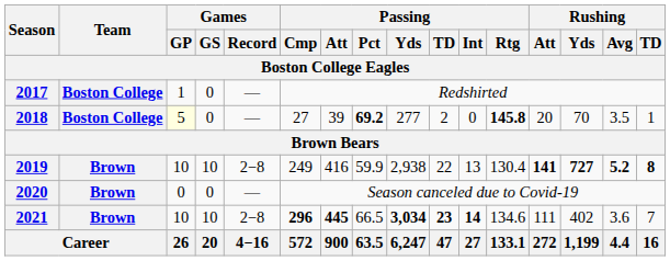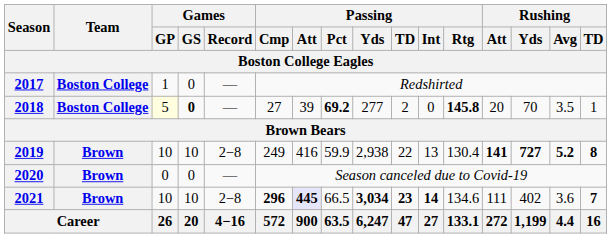 <table class=wikitable style="text-align:center;">
 <tr>
 <th rowspan="2">Season</th>
 <th rowspan="2">Team</th>
 <th colspan="3">Games</th>
 <th colspan="7">Passing</th>
 <th colspan="4">Rushing</th>
 </tr>
 <tr>
 <th>GP</th>
 <th>GS</th>
 <th>Record</th>
 <th>Cmp</th>
 <th>Att</th>
 <th>Pct</th>
 <th>Yds</th>
 <th>TD</th>
 <th>Int</th>
 <th>Rtg</th>
 <th>Att</th>
 <th>Yds</th>
 <th>Avg</th>
 <th>TD</th>
 </tr>
 <tr>
 <th colspan="16">Boston College Eagles</th>
 </tr>
 <tr>
 <th><a href='#'>2017</a></th>
 <th><a href='#'>Boston College</a></th>
 <td>1</td>
 <td>0</td>
 <td>—</td>
 <td colspan="12"><em>Redshirted </em></td>
 </tr>
 <tr>
 <th><a href='#'>2018</a></th>
 <th><a href='#'>Boston College</a></th>
 <td style="background: lightyellow;">5</td>
-<td>0</td>
+<td><strong>0</strong></td>
 <td>—</td>
 <td>27</td>
 <td>39</td>
 <td><strong>69.2</strong></td>
 <td>277</td>
 <td>2</td>
 <td>0</td>
 <td><strong>145.8</strong></td>
 <td>20</td>
 <td>70</td>
 <td>3.5</td>
 <td>1</td>
 </tr>
 <tr>
 <th colspan="16">Brown Bears</th>
 </tr>
 <tr>
 <th><a href='#'>2019</a></th>
 <th><a href='#'>Brown</a></th>
 <td>10</td>
 <td>10</td>
 <td>2−8</td>
 <td>249</td>
 <td>416</td>
 <td>59.9</td>
 <td>2,938</td>
 <td>22</td>
 <td>13</td>
 <td>130.4</td>
 <td><strong>141</strong></td>
 <td><strong>727</strong></td>
 <td><strong>5.2</strong></td>
 <td><strong>8</strong></td>
 </tr>
 <tr>
 <th><a href='#'>2020</a></th>
 <th><a href='#'>Brown</a></th>
 <td>0</td>
 <td>0</td>
 <td>—</td>
 <td colspan="11"><em>Season canceled due to Covid-19</em></td>
 </tr>
 <tr>
 <th><a href='#'>2021</a></th>
 <th><a href='#'>Brown</a></th>
 <td>10</td>
 <td>10</td>
 <td>2−8</td>
 <td><strong>296</strong></td>
-<td><strong>445</strong></td>
+<td style="background: lavender;"><strong>445</strong></td>
 <td>66.5</td>
 <td><strong>3,034</strong></td>
 <td><strong>23</strong></td>
 <td><strong>14</strong></td>
 <td>134.6</td>
 <td>111</td>
 <td>402</td>
 <td>3.6</td>
-<td>7</td>
+<td><strong>7</strong></td>
 </tr>
 <tr>
 <th colspan="2">Career</th>
 <th>26</th>
 <th>20</th>
 <th>4−16</th>
 <th>572</th>
 <th>900</th>
 <th>63.5</th>
 <th>6,247</th>
 <th>47</th>
 <th>27</th>
 <th>133.1</th>
 <th>272</th>
 <th>1,199</th>
 <th>4.4</th>
 <th>16</th>
 </tr>
 </table>
